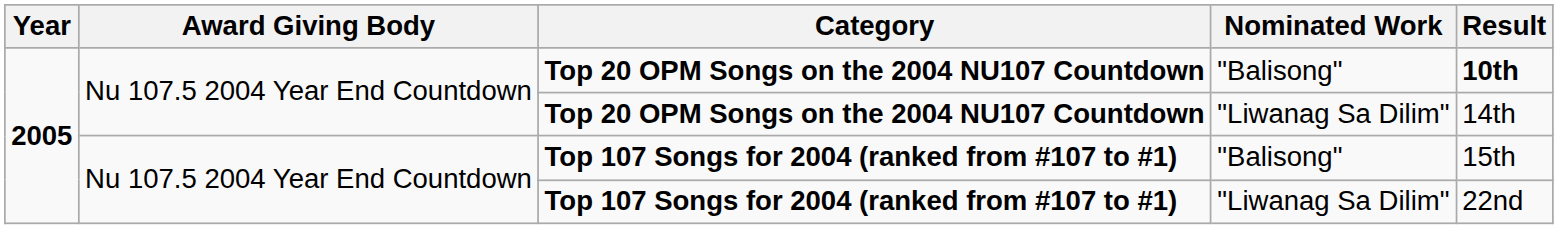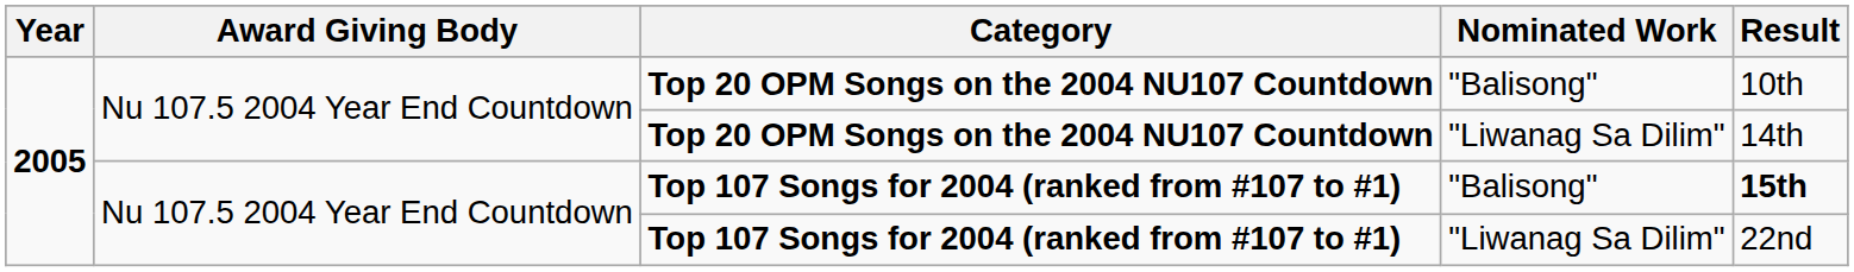 <table class="wikitable">
 <tr>
 <th>Year</th>
 <th>Award Giving Body</th>
 <th>Category</th>
 <th>Nominated Work</th>
 <th>Result</th>
 </tr>
 <tr>
 <td rowspan=4><strong>2005</strong></td>
 <td rowspan=2>Nu 107.5 2004 Year End Countdown</td>
 <td><strong>Top 20 OPM Songs on the 2004 NU107 Countdown</strong></td>
 <td>"Balisong"</td>
-<td><strong>10th</strong></td>
+<td>10th</td>
 </tr>
 <tr>
 <td><strong>Top 20 OPM Songs on the 2004 NU107 Countdown</strong></td>
 <td>"Liwanag Sa Dilim"</td>
 <td>14th</td>
 </tr>
 <tr>
 <td rowspan=2>Nu 107.5 2004 Year End Countdown</td>
 <td><strong>Top 107 Songs for 2004 (ranked from #107 to #1)</strong></td>
 <td>"Balisong"</td>
-<td>15th</td>
+<td><strong>15th</strong></td>
 </tr>
 <tr>
 <td><strong>Top 107 Songs for 2004 (ranked from #107 to #1)</strong></td>
 <td>"Liwanag Sa Dilim"</td>
 <td>22nd</td>
 </tr>
 </table>
